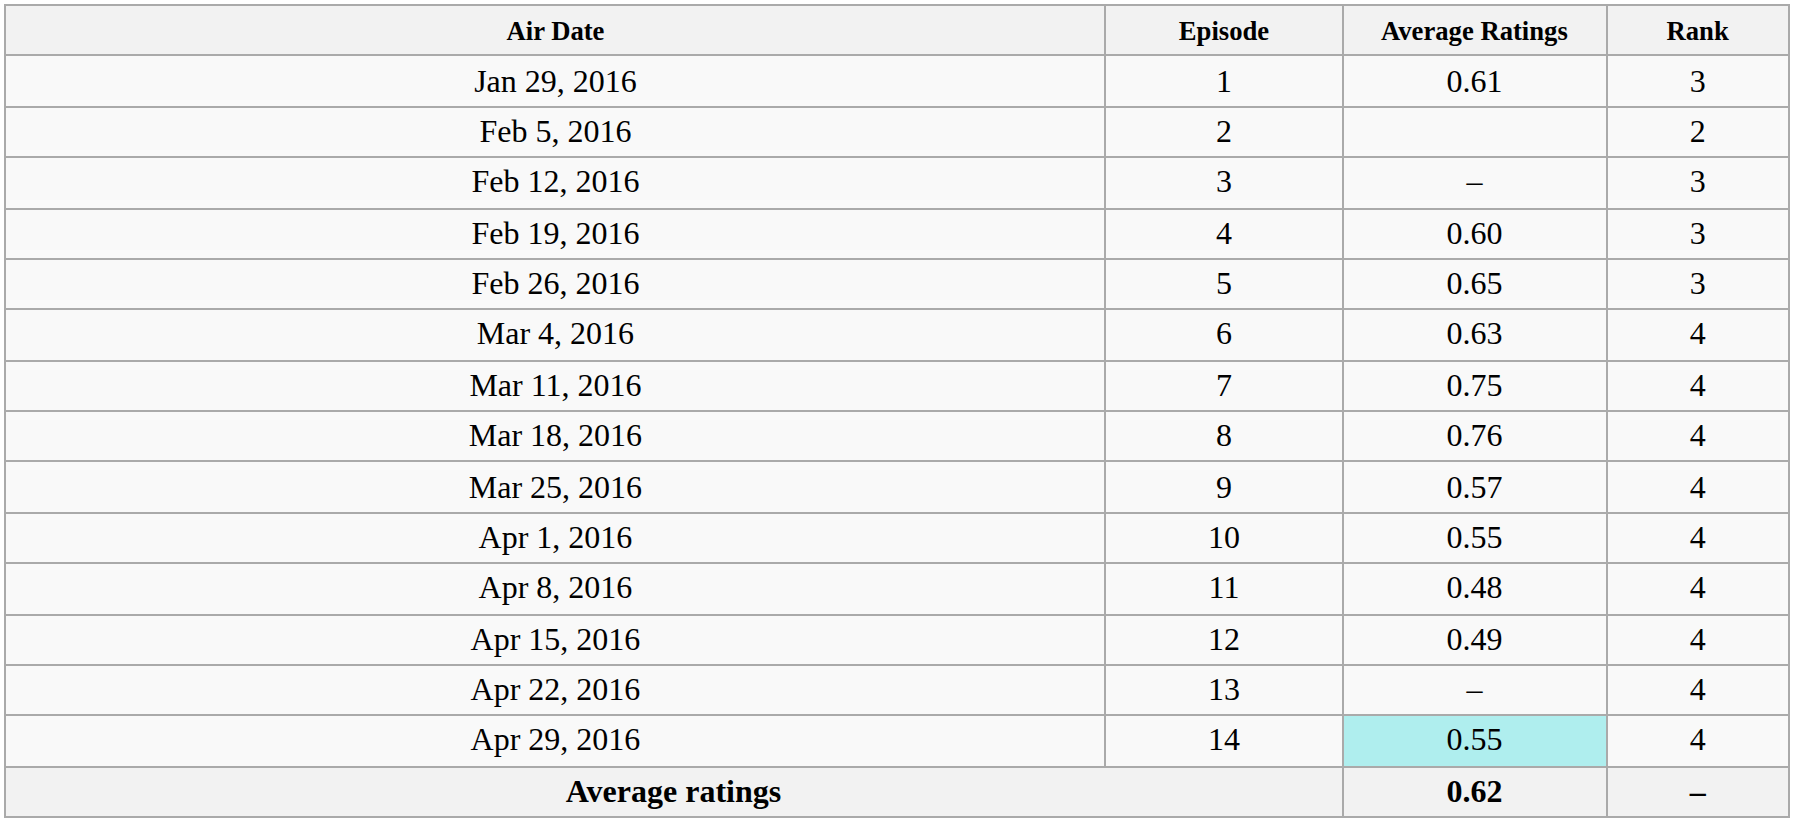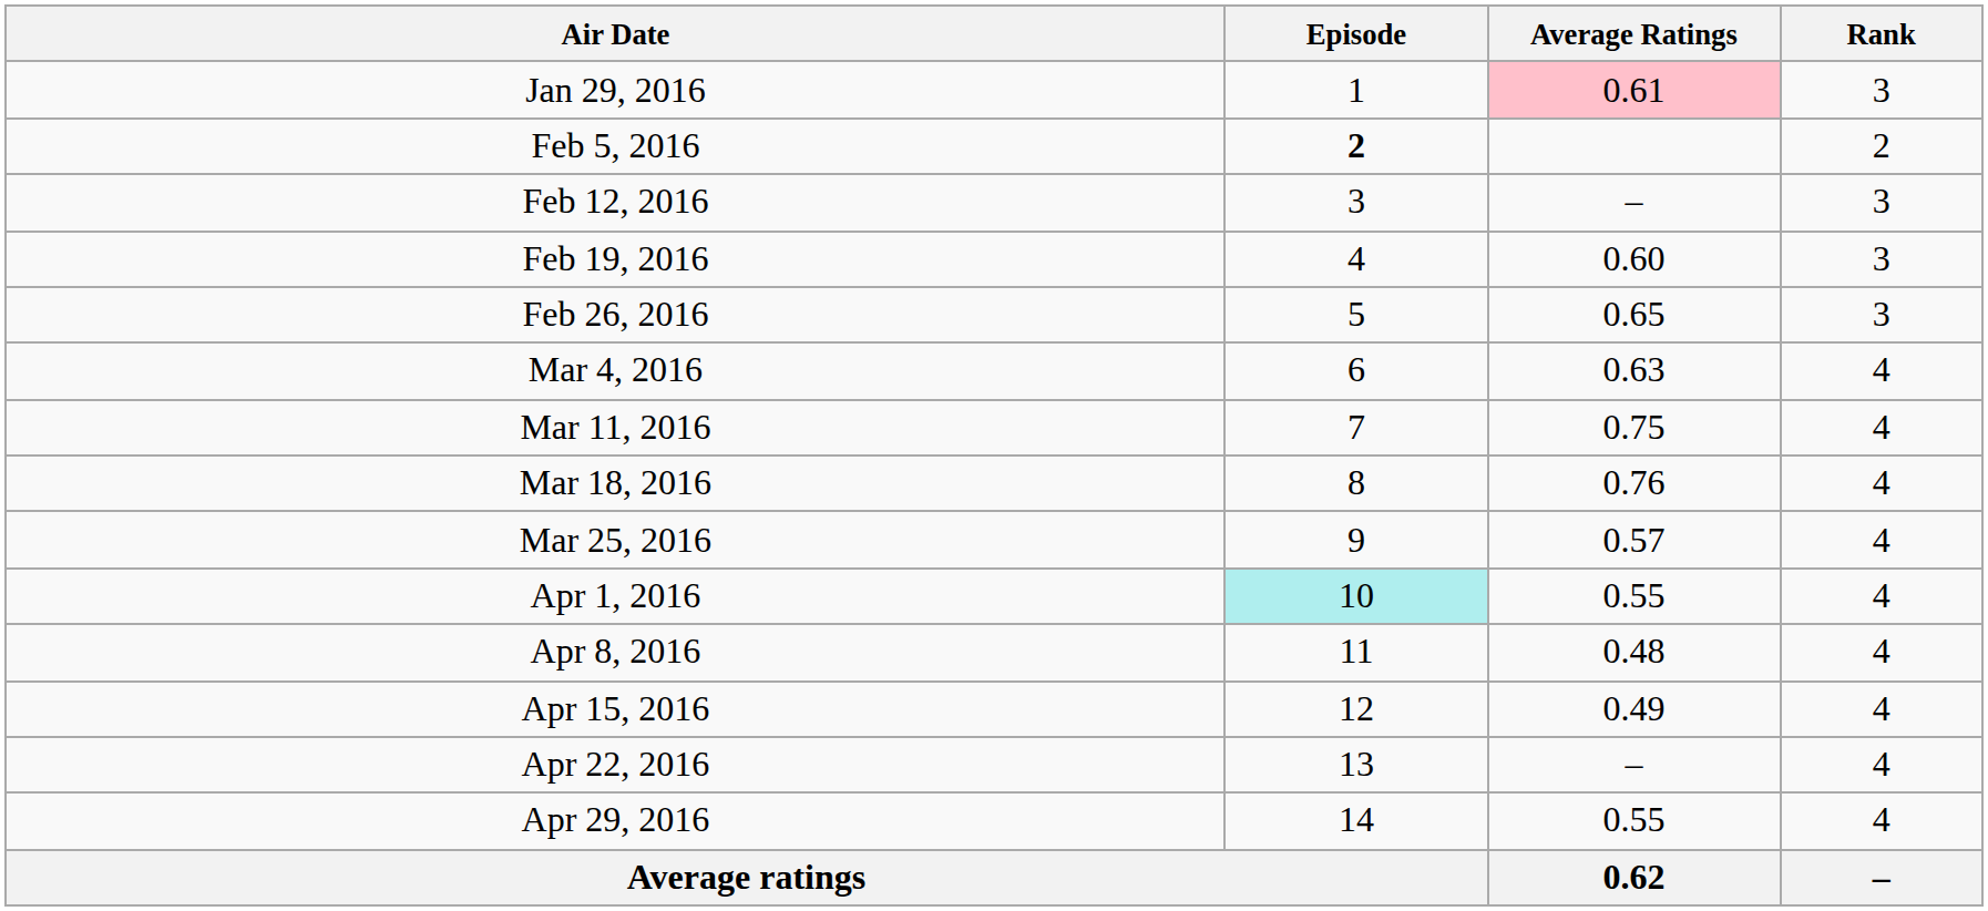 <table class="wikitable" style="text-align:center;width:45%;">
 <tr>
 <th width="25%"><small>Air Date</small></th>
 <th width="5%"><small>Episode</small></th>
 <th width="6%"><small>Average Ratings</small></th>
 <th width="4%"><small>Rank</small></th>
 </tr>
 <tr>
 <td>Jan 29, 2016</td>
 <td>1</td>
-<td>0.61</td>
+<td style="background: pink;">0.61</td>
 <td>3</td>
 </tr>
 <tr>
 <td>Feb 5, 2016</td>
-<td>2</td>
+<td><strong>2</strong></td>
 <td><strong></strong></td>
 <td>2</td>
 </tr>
 <tr>
 <td>Feb 12, 2016</td>
 <td>3</td>
 <td>–</td>
 <td>3</td>
 </tr>
 <tr>
 <td>Feb 19, 2016</td>
 <td>4</td>
 <td>0.60</td>
 <td>3</td>
 </tr>
 <tr>
 <td>Feb 26, 2016</td>
 <td>5</td>
 <td>0.65</td>
 <td>3</td>
 </tr>
 <tr>
 <td>Mar 4, 2016</td>
 <td>6</td>
 <td>0.63</td>
 <td>4</td>
 </tr>
 <tr>
 <td>Mar 11, 2016</td>
 <td>7</td>
 <td>0.75</td>
 <td>4</td>
 </tr>
 <tr>
 <td>Mar 18, 2016</td>
 <td>8</td>
 <td>0.76</td>
 <td>4</td>
 </tr>
 <tr>
 <td>Mar 25, 2016</td>
 <td>9</td>
 <td>0.57</td>
 <td>4</td>
 </tr>
 <tr>
 <td>Apr 1, 2016</td>
-<td>10</td>
+<td style="background: paleturquoise;">10</td>
 <td>0.55</td>
 <td>4</td>
 </tr>
 <tr>
 <td>Apr 8, 2016</td>
 <td>11</td>
 <td>0.48</td>
 <td>4</td>
 </tr>
 <tr>
 <td>Apr 15, 2016</td>
 <td>12</td>
 <td>0.49</td>
 <td>4</td>
 </tr>
 <tr>
 <td>Apr 22, 2016</td>
 <td>13</td>
 <td>–</td>
 <td>4</td>
 </tr>
 <tr>
 <td>Apr 29, 2016</td>
 <td>14</td>
-<td style="background: paleturquoise;">0.55</td>
+<td>0.55</td>
 <td>4</td>
 </tr>
 <tr>
 <th colspan="2"><strong>Average ratings</strong></th>
 <th><strong>0.62</strong></th>
 <th>–</th>
 </tr>
 </table>
